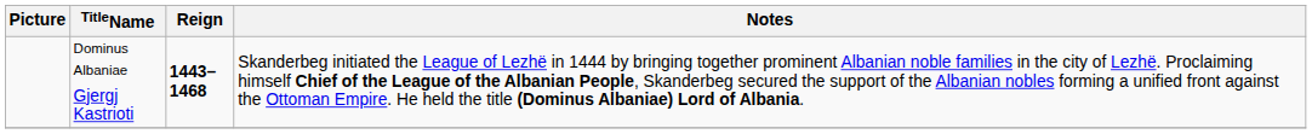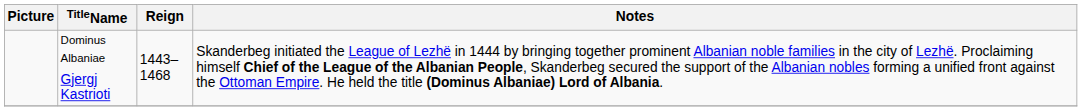 <table class="wikitable">
 <tr ->
 <th>Picture</th>
 <th><sup>Title</sup>Name</th>
 <th>Reign</th>
 <th>Notes</th>
 </tr>
 <tr ->
 <td></td>
 <td><sup>Dominus Albaniae</sup><br><a href='#'>Gjergj Kastrioti</a></td>
-<td><strong>1443–1468</strong></td>
+<td>1443–1468</td>
 <td>Skanderbeg initiated the <a href='#'>League of Lezhë</a> in 1444 by bringing together prominent <a href='#'>Albanian noble families</a> in the city of <a href='#'>Lezhë</a>. Proclaiming himself <strong>Chief of the League of the Albanian People</strong>, Skanderbeg secured the support of the <a href='#'>Albanian nobles</a> forming a unified front against the <a href='#'>Ottoman Empire</a>. He held the title <strong>(Dominus Albaniae) Lord of Albania</strong>.</td>
 </tr>
 <tr ->
 </tr>
 </table>
